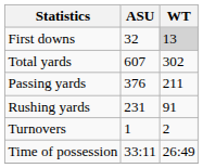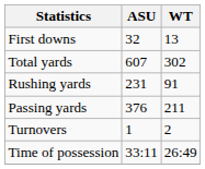 <table class="wikitable" style="float: left;">
 <tr>
 <th>Statistics</th>
 <th>ASU</th>
 <th>WT</th>
 </tr>
 <tr>
 <td>First downs</td>
 <td>32</td>
-<td style="background: lightgrey;">13</td>
+<td>13</td>
 </tr>
 <tr>
 <td>Total yards</td>
 <td>607</td>
 <td>302</td>
 </tr>
 <tr>
+<td>Rushing yards</td>
+<td>231</td>
+<td>91</td>
+</tr>
+<tr>
 <td>Passing yards</td>
 <td>376</td>
 <td>211</td>
-</tr>
-<tr>
-<td>Rushing yards</td>
-<td>231</td>
-<td>91</td>
 </tr>
 <tr>
 <td>Turnovers</td>
 <td>1</td>
 <td>2</td>
 </tr>
 <tr>
 <td>Time of possession</td>
 <td>33:11</td>
 <td>26:49</td>
 </tr>
 <tr>
 </tr>
 </table>
